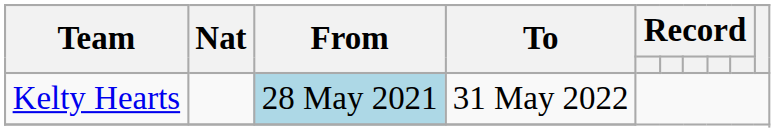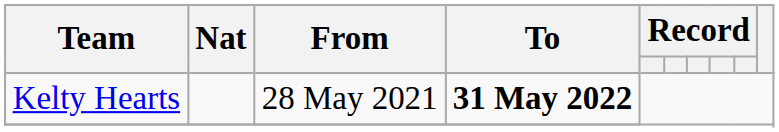 <table class="wikitable" style="text-align:center">
 <tr>
 <th rowspan="2">Team</th>
 <th rowspan="2">Nat</th>
 <th rowspan="2">From</th>
 <th rowspan="2">To</th>
 <th colspan="5">Record</th>
 <th rowspan=2></th>
 </tr>
 <tr>
 <th></th>
 <th></th>
 <th></th>
 <th></th>
 <th></th>
 </tr>
 <tr>
 <td align="left"><a href='#'>Kelty Hearts</a></td>
 <td align="center"></td>
-<td align="center" style="background: lightblue;">28 May 2021</td>
-<td align="center">31 May 2022<br></td>
+<td align="center">28 May 2021</td>
+<td align="center"><strong>31 May 2022<br></strong></td>
 </tr>
 <tr>
 </tr>
 </table>
